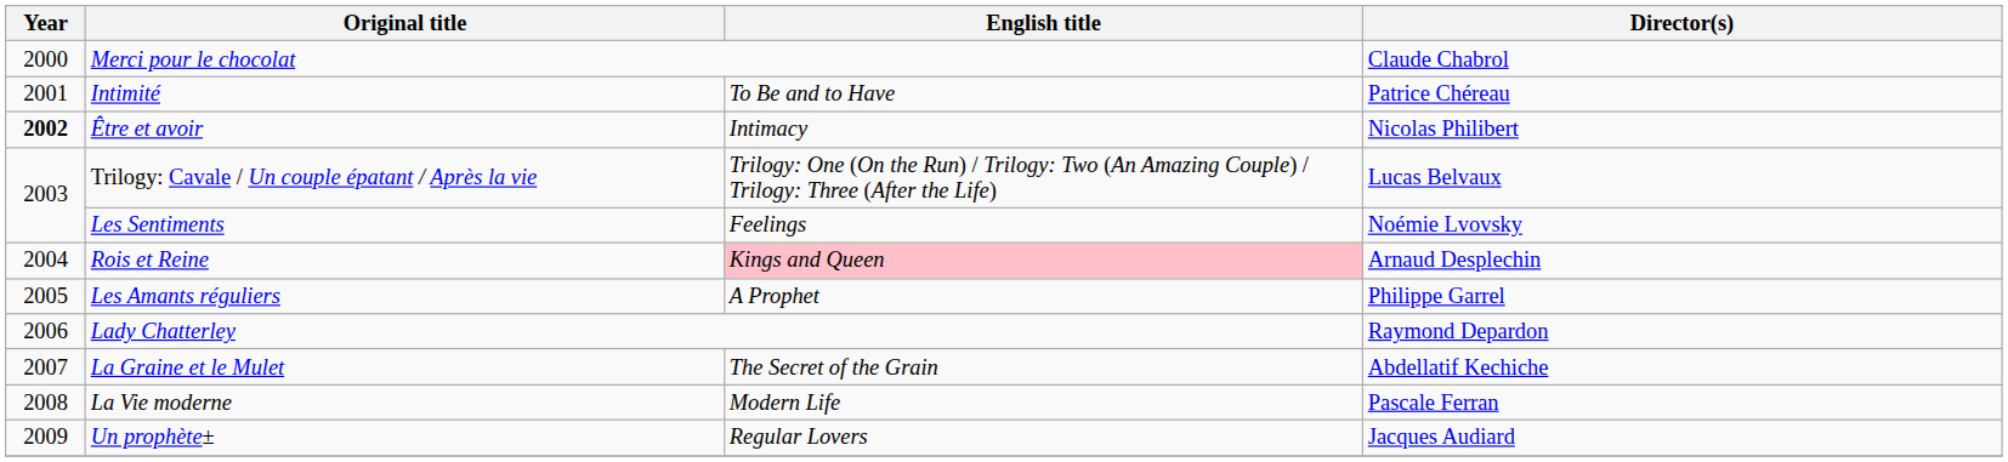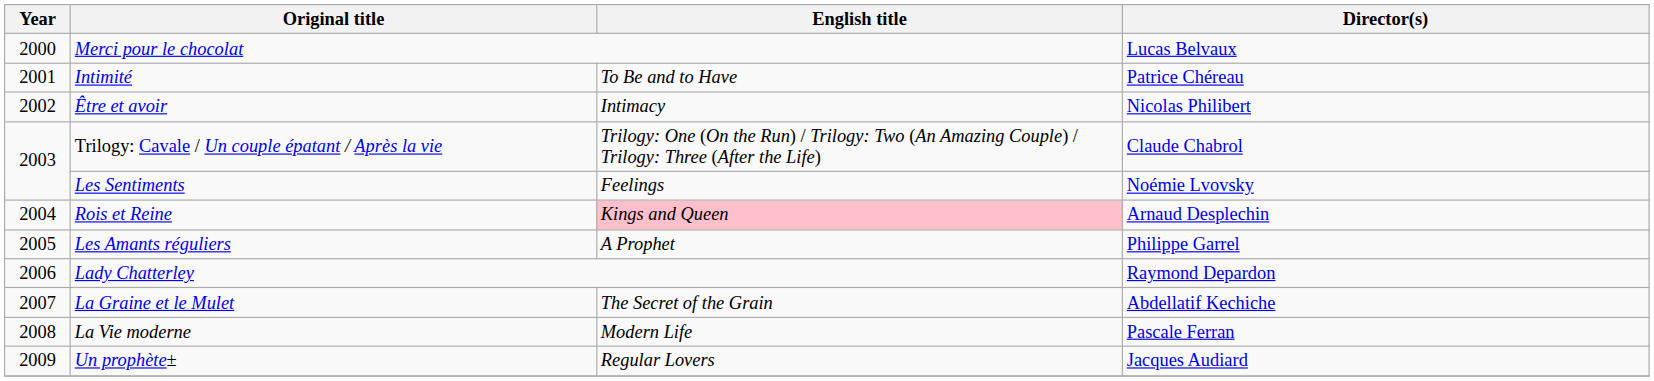 <table class="wikitable plainrowheaders">
 <tr>
 <th scope="col" width="50">Year</th>
 <th scope="col" width="450">Original title</th>
 <th scope="col" width="450">English title</th>
 <th scope="col" width="450">Director(s)</th>
 </tr>
 <tr>
 <td align="center">2000</td>
 <td colspan="2"><em><a href='#'>Merci pour le chocolat</a></em></td>
-<td><a href='#'>Claude Chabrol</a></td>
+<td><a href='#'>Lucas Belvaux</a></td>
 </tr>
 <tr>
 <td align="center">2001</td>
 <td><em><a href='#'>Intimité</a></em></td>
 <td><em>To Be and to Have</em></td>
 <td><a href='#'>Patrice Chéreau</a></td>
 </tr>
 <tr>
-<td align="center"><strong>2002</strong></td>
+<td align="center">2002</td>
 <td><em><a href='#'>Être et avoir</a></em></td>
 <td><em>Intimacy</em></td>
 <td><a href='#'>Nicolas Philibert</a></td>
 </tr>
 <tr>
 <td rowspan="2" align="center">2003</td>
 <td>Trilogy:  <a href='#'>Cavale</a> / <em><a href='#'>Un couple épatant</a> /  <a href='#'>Après la vie</a></em></td>
 <td><em>Trilogy: One</em> (<em>On the Run</em>) / <em>Trilogy: Two</em> (<em>An Amazing Couple</em>) / <em>Trilogy: Three</em> (<em>After the Life</em>)</td>
-<td><a href='#'>Lucas Belvaux</a></td>
+<td><a href='#'>Claude Chabrol</a></td>
 </tr>
 <tr>
 <td><em><a href='#'>Les Sentiments</a></em></td>
 <td><em>Feelings</em></td>
 <td><a href='#'>Noémie Lvovsky</a></td>
 </tr>
 <tr>
 <td align="center">2004</td>
 <td><em><a href='#'>Rois et Reine</a></em></td>
 <td style="background: pink;"><em>Kings and Queen</em></td>
 <td><a href='#'>Arnaud Desplechin</a></td>
 </tr>
 <tr>
 <td align="center">2005</td>
 <td><em><a href='#'>Les Amants réguliers</a></em></td>
 <td><em>A Prophet</em></td>
 <td><a href='#'>Philippe Garrel</a></td>
 </tr>
 <tr>
 <td align="center">2006</td>
 <td colspan="2"><em><a href='#'>Lady Chatterley</a></em></td>
 <td><a href='#'>Raymond Depardon</a></td>
 </tr>
 <tr>
 <td align="center">2007</td>
 <td><em><a href='#'>La Graine et le Mulet</a></em></td>
 <td><em>The Secret of the Grain</em></td>
 <td><a href='#'>Abdellatif Kechiche</a></td>
 </tr>
 <tr>
 <td align="center">2008</td>
 <td><em>La Vie moderne</em></td>
 <td><em>Modern Life</em></td>
 <td><a href='#'>Pascale Ferran</a></td>
 </tr>
 <tr>
 <td align="center">2009</td>
 <td><em><a href='#'>Un prophète</a></em>±</td>
 <td><em>Regular Lovers</em></td>
 <td><a href='#'>Jacques Audiard</a></td>
 </tr>
 <tr>
 </tr>
 </table>
